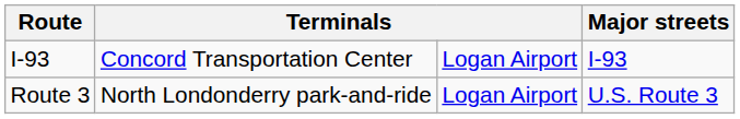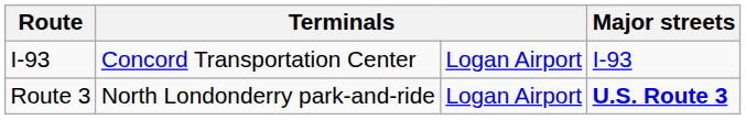 <table class=wikitable>
 <tr>
 <th>Route</th>
 <th colspan=2>Terminals</th>
 <th>Major streets</th>
 </tr>
 <tr>
 <td valign=top><div>I-93</div></td>
 <td><a href='#'> Concord</a> Transportation Center</td>
 <td><a href='#'>Logan Airport</a></td>
 <td><a href='#'>I-93</a></td>
 </tr>
 <tr>
 <td valign=top><div>Route 3</div></td>
 <td>North Londonderry park-and-ride</td>
 <td><a href='#'>Logan Airport</a></td>
-<td><a href='#'>U.S. Route 3</a></td>
+<td><strong><a href='#'>U.S. Route 3</a></strong></td>
 </tr>
 </table>
